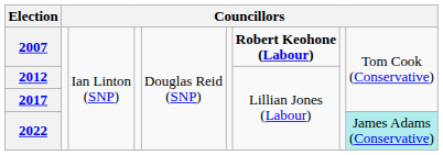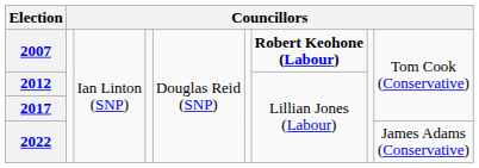 <table class="wikitable" style="text-align:center">
 <tr>
 <th>Election</th>
 <th colspan=8>Councillors</th>
 </tr>
 <tr>
 <th><a href='#'>2007</a></th>
 <td rowspan=4; style="background-color: "></td>
 <td rowspan=4>Ian Linton<br>(<a href='#'>SNP</a>)</td>
 <td rowspan=4; style="background-color: "></td>
 <td rowspan=4>Douglas Reid<br>(<a href='#'>SNP</a>)</td>
 <td rowspan=4; style="background-color: "></td>
 <td rowspan=1><strong>Robert Keohone<br>(<a href='#'>Labour</a>)</strong></td>
 <td rowspan=4; style="background-color: "></td>
 <td rowspan=3>Tom Cook<br>(<a href='#'>Conservative</a>)</td>
 </tr>
 <tr>
 <th><a href='#'>2012</a></th>
 <td rowspan=3>Lillian Jones<br>(<a href='#'>Labour</a>)</td>
 </tr>
 <tr>
 <th><a href='#'>2017</a></th>
 </tr>
 <tr>
 <th><a href='#'>2022</a></th>
-<td rowspan=1 style="background: paleturquoise;">James Adams<br>(<a href='#'>Conservative</a>)</td>
+<td rowspan=1>James Adams<br>(<a href='#'>Conservative</a>)</td>
 </tr>
 </table>
